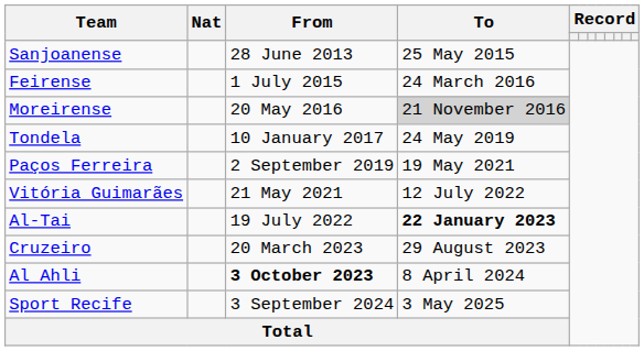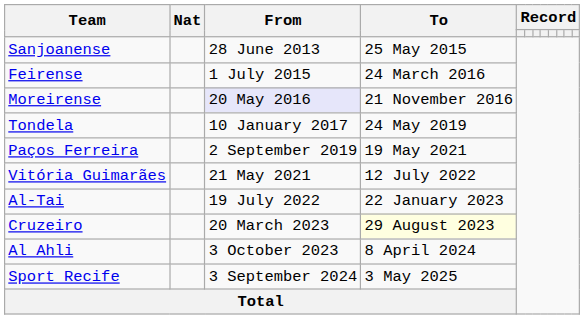 <table class=wikitable style="text-align: center">
 <tr>
 <th rowspan="2">Team</th>
 <th rowspan="2">Nat</th>
 <th rowspan="2">From</th>
 <th rowspan="2">To</th>
 <th colspan="8">Record</th>
 </tr>
 <tr>
 <th></th>
 <th></th>
 <th></th>
 <th></th>
 <th></th>
 <th></th>
 <th></th>
 <th></th>
 </tr>
 <tr>
 <td align=left><a href='#'>Sanjoanense</a></td>
 <td></td>
 <td align=left>28 June 2013</td>
 <td align=left>25 May 2015<br></td>
 </tr>
 <tr>
 <td align=left><a href='#'>Feirense</a></td>
 <td></td>
 <td align=left>1 July 2015</td>
 <td align=left>24 March 2016<br></td>
 </tr>
 <tr>
 <td align=left><a href='#'>Moreirense</a></td>
 <td></td>
-<td align=left>20 May 2016</td>
-<td align=left style="background: lightgrey;">21 November 2016<br></td>
+<td align=left style="background: lavender;">20 May 2016</td>
+<td align=left>21 November 2016<br></td>
 </tr>
 <tr>
 <td align=left><a href='#'>Tondela</a></td>
 <td></td>
 <td align=left>10 January 2017</td>
 <td align=left>24 May 2019<br></td>
 </tr>
 <tr>
 <td align=left><a href='#'>Paços Ferreira</a></td>
 <td></td>
 <td align=left>2 September 2019</td>
 <td align=left>19 May 2021<br></td>
 </tr>
 <tr>
 <td align=left><a href='#'>Vitória Guimarães</a></td>
 <td></td>
 <td align=left>21 May 2021</td>
 <td align=left>12 July 2022<br></td>
 </tr>
 <tr>
 <td align=left><a href='#'>Al-Tai</a></td>
 <td></td>
 <td align=left>19 July 2022</td>
-<td align=left><strong>22 January 2023<br></strong></td>
+<td align=left>22 January 2023<br></td>
 </tr>
 <tr>
 <td align=left><a href='#'>Cruzeiro</a></td>
 <td></td>
 <td align=left>20 March 2023</td>
-<td align=left>29 August 2023<br></td>
+<td align=left style="background: lightyellow;">29 August 2023<br></td>
 </tr>
 <tr>
 <td align=left><a href='#'>Al Ahli</a></td>
 <td></td>
-<td align=left><strong>3 October 2023</strong></td>
+<td align=left>3 October 2023</td>
 <td align=left>8 April 2024<br></td>
 </tr>
 <tr>
 <td align=left><a href='#'>Sport Recife</a></td>
 <td></td>
 <td align=left>3 September 2024</td>
 <td align=left>3 May 2025<br></td>
 </tr>
 <tr>
 <th colspan=4>Total<br></th>
 </tr>
 </table>
